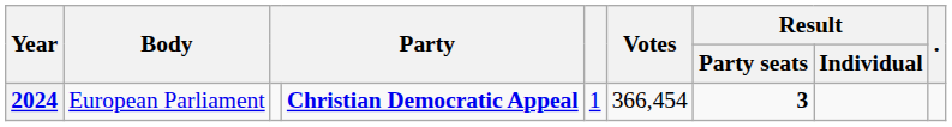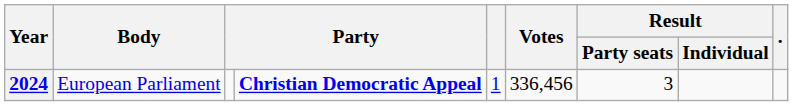 <table class="wikitable plainrowheaders sortable" border=2 cellpadding=4 cellspacing=0 style="border: 1px #aaa solid; font-size: 90%; text-align:center;">
 <tr>
 <th scope="col" rowspan=2>Year</th>
 <th scope="col" rowspan=2>Body</th>
 <th scope="col" colspan=2 rowspan=2>Party</th>
 <th scope="col" rowspan=2></th>
 <th scope="col" rowspan=2>Votes</th>
 <th scope="colgroup" colspan=2>Result</th>
 <th scope="col" rowspan=2>.</th>
 </tr>
 <tr>
 <th scope="col">Party seats</th>
 <th scope="col">Individual</th>
 </tr>
 <tr>
 <th scope="row"><a href='#'>2024</a></th>
 <td><a href='#'>European Parliament</a></td>
 <td style="background-color:"></td>
 <td><strong><a href='#'>Christian Democratic Appeal</a></strong></td>
 <td style=text-align:right><a href='#'>1</a></td>
-<td style=text-align:right>366,454</td>
-<td style=text-align:right><strong>3</strong></td>
+<td style=text-align:right>336,456</td>
+<td style=text-align:right>3</td>
 <td></td>
 <td></td>
 </tr>
 </table>
